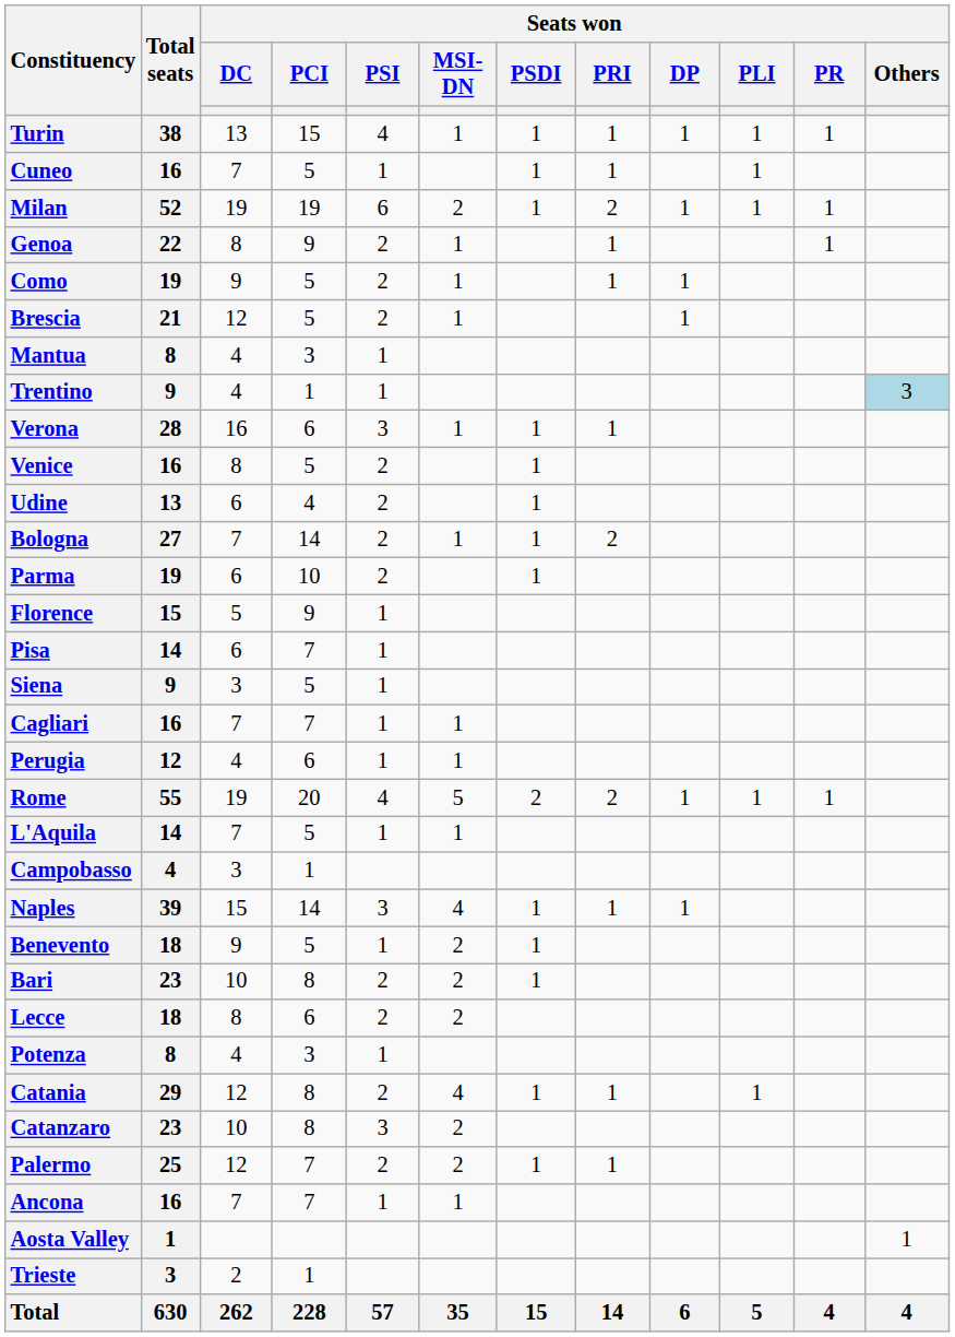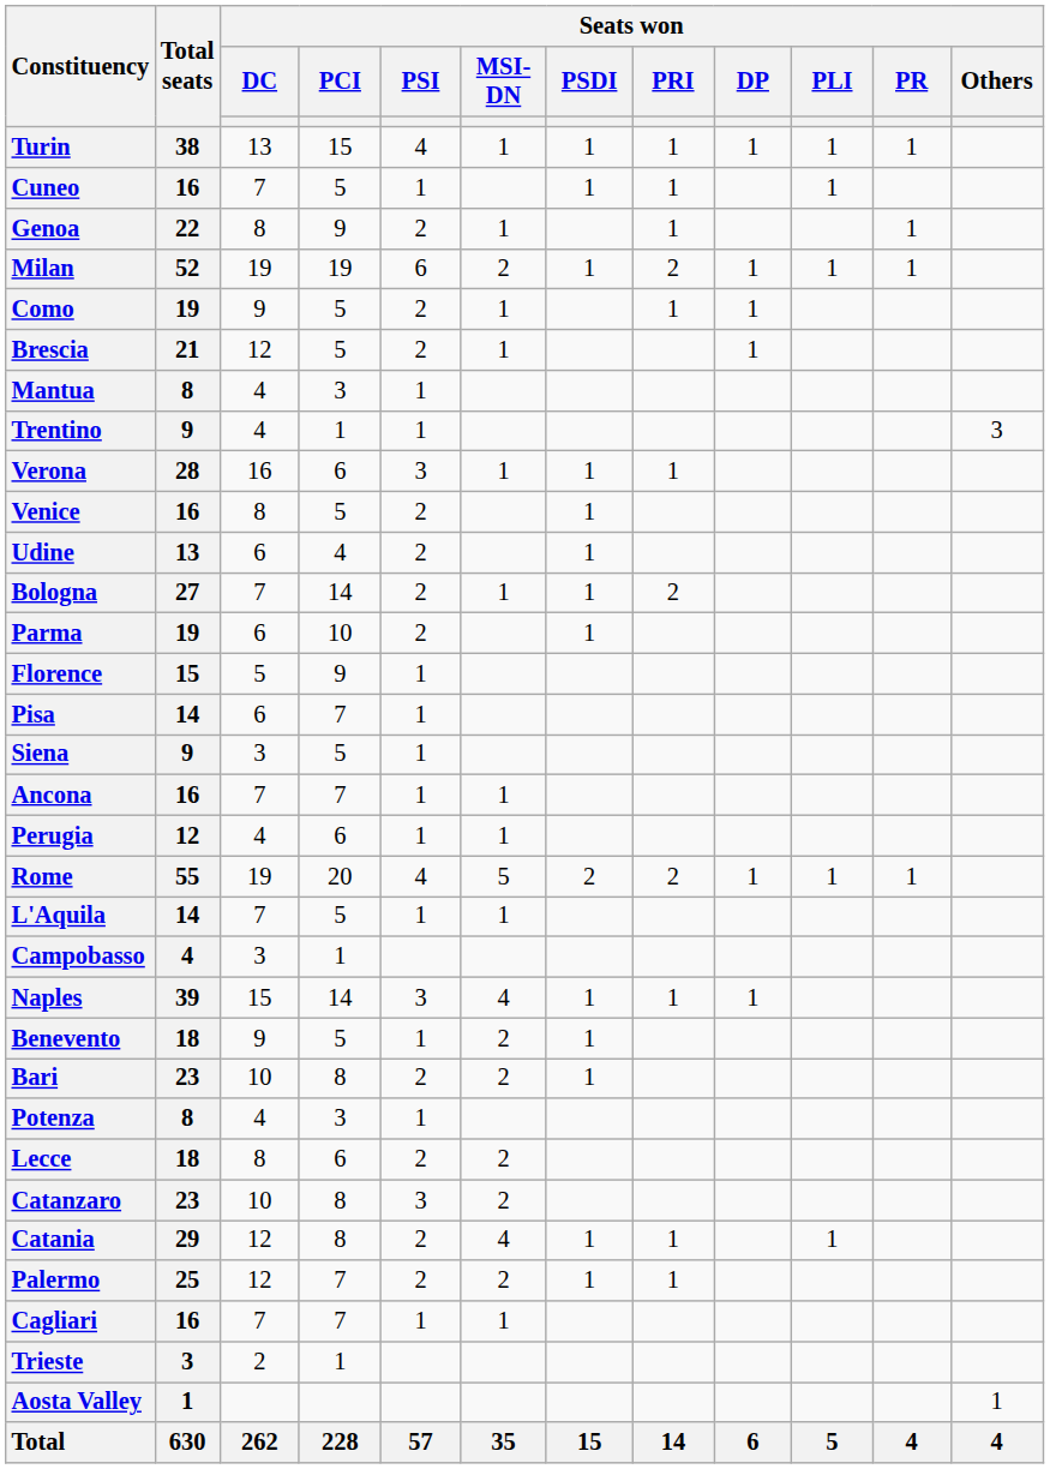 <table class="wikitable" style="text-align:center; font-size: 0.9em">
 <tr>
 <th rowspan="3">Constituency</th>
 <th rowspan="3">Total<br>seats</th>
 <th colspan="10">Seats won</th>
 </tr>
 <tr>
 <th class="unsortable" style="width:50px;"><a href='#'>DC</a></th>
 <th class="unsortable" style="width:50px;"><a href='#'>PCI</a></th>
 <th class="unsortable" style="width:50px;"><a href='#'>PSI</a></th>
 <th class="unsortable" style="width:50px;"><a href='#'>MSI-DN</a></th>
 <th class="unsortable" style="width:50px;"><a href='#'>PSDI</a></th>
 <th class="unsortable" style="width:50px;"><a href='#'>PRI</a></th>
 <th class="unsortable" style="width:50px;"><a href='#'>DP</a></th>
 <th class="unsortable" style="width:50px;"><a href='#'>PLI</a></th>
 <th class="unsortable" style="width:50px;"><a href='#'>PR</a></th>
 <th class="unsortable" style="width:50px;">Others</th>
 </tr>
 <tr>
 <th style="background:"></th>
 <th style="background:"></th>
 <th style="background:"></th>
 <th style="background:"></th>
 <th style="background:"></th>
 <th style="background:"></th>
 <th style="background:"></th>
 <th style="background:"></th>
 <th style="background:"></th>
 <th style="background:"></th>
 </tr>
 <tr>
 <th style="text-align: left;"><a href='#'>Turin</a></th>
 <th>38</th>
 <td>13</td>
 <td>15</td>
 <td>4</td>
 <td>1</td>
 <td>1</td>
 <td>1</td>
 <td>1</td>
 <td>1</td>
 <td>1</td>
 <td></td>
 </tr>
 <tr>
 <th style="text-align: left;"><a href='#'>Cuneo</a></th>
 <th>16</th>
 <td>7</td>
 <td>5</td>
 <td>1</td>
 <td></td>
 <td>1</td>
 <td>1</td>
 <td></td>
 <td>1</td>
 <td></td>
 <td></td>
 </tr>
 <tr>
+<th style="text-align: left;"><a href='#'>Genoa</a></th>
+<th>22</th>
+<td>8</td>
+<td>9</td>
+<td>2</td>
+<td>1</td>
+<td></td>
+<td>1</td>
+<td></td>
+<td></td>
+<td>1</td>
+<td></td>
+</tr>
+<tr>
 <th style="text-align: left;"><a href='#'>Milan</a></th>
 <th>52</th>
 <td>19</td>
 <td>19</td>
 <td>6</td>
 <td>2</td>
 <td>1</td>
 <td>2</td>
 <td>1</td>
 <td>1</td>
-<td>1</td>
-<td></td>
-</tr>
-<tr>
-<th style="text-align: left;"><a href='#'>Genoa</a></th>
-<th>22</th>
-<td>8</td>
-<td>9</td>
-<td>2</td>
-<td>1</td>
-<td></td>
-<td>1</td>
-<td></td>
-<td></td>
 <td>1</td>
 <td></td>
 </tr>
 <tr>
 <th style="text-align: left;"><a href='#'>Como</a></th>
 <th>19</th>
 <td>9</td>
 <td>5</td>
 <td>2</td>
 <td>1</td>
 <td></td>
 <td>1</td>
 <td>1</td>
 <td></td>
 <td></td>
 <td></td>
 </tr>
 <tr>
 <th style="text-align: left;"><a href='#'>Brescia</a></th>
 <th>21</th>
 <td>12</td>
 <td>5</td>
 <td>2</td>
 <td>1</td>
 <td></td>
 <td></td>
 <td>1</td>
 <td></td>
 <td></td>
 <td></td>
 </tr>
 <tr>
 <th style="text-align: left;"><a href='#'>Mantua</a></th>
 <th>8</th>
 <td>4</td>
 <td>3</td>
 <td>1</td>
 <td></td>
 <td></td>
 <td></td>
 <td></td>
 <td></td>
 <td></td>
 <td></td>
 </tr>
 <tr>
 <th style="text-align: left;"><a href='#'>Trentino</a></th>
 <th>9</th>
 <td>4</td>
 <td>1</td>
 <td>1</td>
 <td></td>
 <td></td>
 <td></td>
 <td></td>
 <td></td>
 <td></td>
-<td style="background: lightblue;">3</td>
+<td>3</td>
 </tr>
 <tr>
 <th style="text-align: left;"><a href='#'>Verona</a></th>
 <th>28</th>
 <td>16</td>
 <td>6</td>
 <td>3</td>
 <td>1</td>
 <td>1</td>
 <td>1</td>
 <td></td>
 <td></td>
 <td></td>
 <td></td>
 </tr>
 <tr>
 <th style="text-align: left;"><a href='#'>Venice</a></th>
 <th>16</th>
 <td>8</td>
 <td>5</td>
 <td>2</td>
 <td></td>
 <td>1</td>
 <td></td>
 <td></td>
 <td></td>
 <td></td>
 <td></td>
 </tr>
 <tr>
 <th style="text-align: left;"><a href='#'>Udine</a></th>
 <th>13</th>
 <td>6</td>
 <td>4</td>
 <td>2</td>
 <td></td>
 <td>1</td>
 <td></td>
 <td></td>
 <td></td>
 <td></td>
 <td></td>
 </tr>
 <tr>
 <th style="text-align: left;"><a href='#'>Bologna</a></th>
 <th>27</th>
 <td>7</td>
 <td>14</td>
 <td>2</td>
 <td>1</td>
 <td>1</td>
 <td>2</td>
 <td></td>
 <td></td>
 <td></td>
 <td></td>
 </tr>
 <tr>
 <th style="text-align: left;"><a href='#'>Parma</a></th>
 <th>19</th>
 <td>6</td>
 <td>10</td>
 <td>2</td>
 <td></td>
 <td>1</td>
 <td></td>
 <td></td>
 <td></td>
 <td></td>
 <td></td>
 </tr>
 <tr>
 <th style="text-align: left;"><a href='#'>Florence</a></th>
 <th>15</th>
 <td>5</td>
 <td>9</td>
 <td>1</td>
 <td></td>
 <td></td>
 <td></td>
 <td></td>
 <td></td>
 <td></td>
 <td></td>
 </tr>
 <tr>
 <th style="text-align: left;"><a href='#'>Pisa</a></th>
 <th>14</th>
 <td>6</td>
 <td>7</td>
 <td>1</td>
 <td></td>
 <td></td>
 <td></td>
 <td></td>
 <td></td>
 <td></td>
 <td></td>
 </tr>
 <tr>
 <th style="text-align: left;"><a href='#'>Siena</a></th>
 <th>9</th>
 <td>3</td>
 <td>5</td>
 <td>1</td>
 <td></td>
 <td></td>
 <td></td>
 <td></td>
 <td></td>
 <td></td>
 <td></td>
 </tr>
 <tr>
-<th style="text-align: left;"><a href='#'>Cagliari</a></th>
+<th style="text-align: left;"><a href='#'>Ancona</a></th>
 <th>16</th>
 <td>7</td>
 <td>7</td>
 <td>1</td>
 <td>1</td>
 <td></td>
 <td></td>
 <td></td>
 <td></td>
 <td></td>
 <td></td>
 </tr>
 <tr>
 <th style="text-align: left;"><a href='#'>Perugia</a></th>
 <th>12</th>
 <td>4</td>
 <td>6</td>
 <td>1</td>
 <td>1</td>
 <td></td>
 <td></td>
 <td></td>
 <td></td>
 <td></td>
 <td></td>
 </tr>
 <tr>
 <th style="text-align: left;"><a href='#'>Rome</a></th>
 <th>55</th>
 <td>19</td>
 <td>20</td>
 <td>4</td>
 <td>5</td>
 <td>2</td>
 <td>2</td>
 <td>1</td>
 <td>1</td>
 <td>1</td>
 <td></td>
 </tr>
 <tr>
 <th style="text-align: left;"><a href='#'>L'Aquila</a></th>
 <th>14</th>
 <td>7</td>
 <td>5</td>
 <td>1</td>
 <td>1</td>
 <td></td>
 <td></td>
 <td></td>
 <td></td>
 <td></td>
 <td></td>
 </tr>
 <tr>
 <th style="text-align: left;"><a href='#'>Campobasso</a></th>
 <th>4</th>
 <td>3</td>
 <td>1</td>
 <td></td>
 <td></td>
 <td></td>
 <td></td>
 <td></td>
 <td></td>
 <td></td>
 <td></td>
 </tr>
 <tr>
 <th style="text-align: left;"><a href='#'>Naples</a></th>
 <th>39</th>
 <td>15</td>
 <td>14</td>
 <td>3</td>
 <td>4</td>
 <td>1</td>
 <td>1</td>
 <td>1</td>
 <td></td>
 <td></td>
 <td></td>
 </tr>
 <tr>
 <th style="text-align: left;"><a href='#'>Benevento</a></th>
 <th>18</th>
 <td>9</td>
 <td>5</td>
 <td>1</td>
 <td>2</td>
 <td>1</td>
 <td></td>
 <td></td>
 <td></td>
 <td></td>
 <td></td>
 </tr>
 <tr>
 <th style="text-align: left;"><a href='#'>Bari</a></th>
 <th>23</th>
 <td>10</td>
 <td>8</td>
 <td>2</td>
 <td>2</td>
 <td>1</td>
 <td></td>
 <td></td>
 <td></td>
 <td></td>
 <td></td>
 </tr>
 <tr>
+<th style="text-align: left;"><a href='#'>Potenza</a></th>
+<th>8</th>
+<td>4</td>
+<td>3</td>
+<td>1</td>
+<td></td>
+<td></td>
+<td></td>
+<td></td>
+<td></td>
+<td></td>
+<td></td>
+</tr>
+<tr>
 <th style="text-align: left;"><a href='#'>Lecce</a></th>
 <th>18</th>
 <td>8</td>
 <td>6</td>
 <td>2</td>
 <td>2</td>
 <td></td>
 <td></td>
 <td></td>
 <td></td>
 <td></td>
 <td></td>
 </tr>
 <tr>
-<th style="text-align: left;"><a href='#'>Potenza</a></th>
-<th>8</th>
-<td>4</td>
+<th style="text-align: left;"><a href='#'>Catanzaro</a></th>
+<th>23</th>
+<td>10</td>
+<td>8</td>
 <td>3</td>
-<td>1</td>
-<td></td>
+<td>2</td>
 <td></td>
 <td></td>
 <td></td>
 <td></td>
 <td></td>
 <td></td>
 </tr>
 <tr>
 <th style="text-align: left;"><a href='#'>Catania</a></th>
 <th>29</th>
 <td>12</td>
 <td>8</td>
 <td>2</td>
 <td>4</td>
 <td>1</td>
 <td>1</td>
 <td></td>
 <td>1</td>
 <td></td>
 <td></td>
 </tr>
 <tr>
-<th style="text-align: left;"><a href='#'>Catanzaro</a></th>
-<th>23</th>
-<td>10</td>
-<td>8</td>
-<td>3</td>
-<td>2</td>
-<td></td>
-<td></td>
-<td></td>
-<td></td>
-<td></td>
-<td></td>
-</tr>
-<tr>
 <th style="text-align: left;"><a href='#'>Palermo</a></th>
 <th>25</th>
 <td>12</td>
 <td>7</td>
 <td>2</td>
 <td>2</td>
 <td>1</td>
 <td>1</td>
 <td></td>
 <td></td>
 <td></td>
 <td></td>
 </tr>
 <tr>
-<th style="text-align: left;"><a href='#'>Ancona</a></th>
+<th style="text-align: left;"><a href='#'>Cagliari</a></th>
 <th>16</th>
 <td>7</td>
 <td>7</td>
 <td>1</td>
 <td>1</td>
+<td></td>
+<td></td>
+<td></td>
+<td></td>
+<td></td>
+<td></td>
+</tr>
+<tr>
+<th style="text-align: left;"><a href='#'>Trieste</a></th>
+<th>3</th>
+<td>2</td>
+<td>1</td>
+<td></td>
+<td></td>
 <td></td>
 <td></td>
 <td></td>
 <td></td>
 <td></td>
 <td></td>
 </tr>
 <tr>
 <th style="text-align: left;"><a href='#'>Aosta Valley</a></th>
 <th>1</th>
 <td></td>
 <td></td>
 <td></td>
 <td></td>
 <td></td>
 <td></td>
 <td></td>
 <td></td>
 <td></td>
 <td>1</td>
 </tr>
 <tr>
-<th style="text-align: left;"><a href='#'>Trieste</a></th>
-<th>3</th>
-<td>2</td>
-<td>1</td>
-<td></td>
-<td></td>
-<td></td>
-<td></td>
-<td></td>
-<td></td>
-<td></td>
-<td></td>
-</tr>
-<tr>
 <th style="text-align: left;">Total</th>
 <th>630</th>
 <th>262</th>
 <th>228</th>
 <th>57</th>
 <th>35</th>
 <th>15</th>
 <th>14</th>
 <th>6</th>
 <th>5</th>
 <th>4</th>
 <th>4</th>
 </tr>
 </table>
